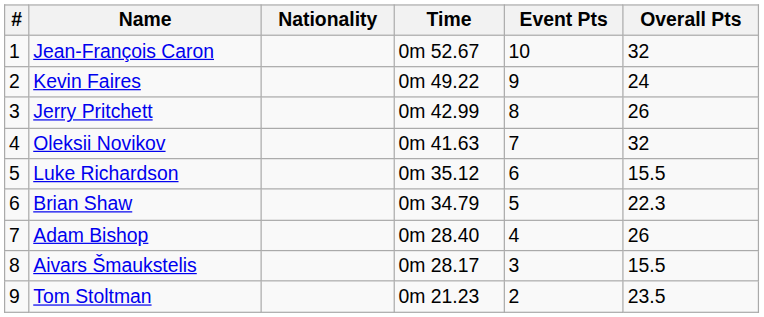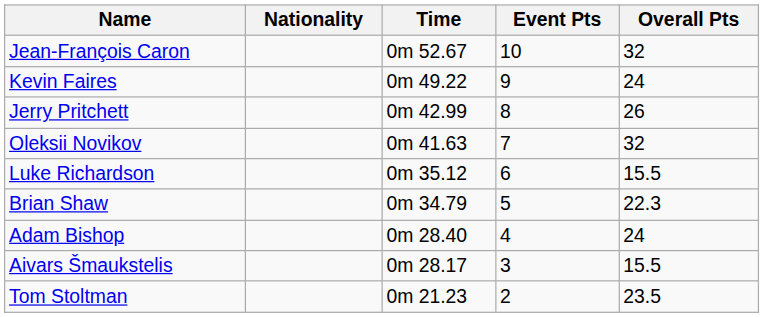 <table class="wikitable sortable" style="display: inline-table;width: 100%;">
 <tr>
-<th>#</th>
 <th>Name</th>
 <th>Nationality</th>
 <th>Time</th>
 <th>Event Pts</th>
 <th>Overall Pts</th>
 </tr>
 <tr>
-<td>1</td>
 <td><a href='#'>Jean-François Caron</a></td>
 <td></td>
 <td>0m 52.67</td>
 <td>10</td>
 <td>32</td>
 </tr>
 <tr>
-<td>2</td>
 <td><a href='#'>Kevin Faires</a></td>
 <td></td>
 <td>0m 49.22</td>
 <td>9</td>
 <td>24</td>
 </tr>
 <tr>
-<td>3</td>
 <td><a href='#'>Jerry Pritchett</a></td>
 <td></td>
 <td>0m 42.99</td>
 <td>8</td>
 <td>26</td>
 </tr>
 <tr>
-<td>4</td>
 <td><a href='#'>Oleksii Novikov</a></td>
 <td></td>
 <td>0m 41.63</td>
 <td>7</td>
 <td>32</td>
 </tr>
 <tr>
-<td>5</td>
 <td><a href='#'>Luke Richardson</a></td>
 <td></td>
 <td>0m 35.12</td>
 <td>6</td>
 <td>15.5</td>
 </tr>
 <tr>
-<td>6</td>
 <td><a href='#'>Brian Shaw</a></td>
 <td></td>
 <td>0m 34.79</td>
 <td>5</td>
 <td>22.3</td>
 </tr>
 <tr>
-<td>7</td>
 <td><a href='#'>Adam Bishop</a></td>
 <td></td>
 <td>0m 28.40</td>
 <td>4</td>
-<td>26</td>
+<td>24</td>
 </tr>
 <tr>
-<td>8</td>
 <td><a href='#'>Aivars Šmaukstelis</a></td>
 <td></td>
 <td>0m 28.17</td>
 <td>3</td>
 <td>15.5</td>
 </tr>
 <tr>
-<td>9</td>
 <td><a href='#'>Tom Stoltman</a></td>
 <td></td>
 <td>0m 21.23</td>
 <td>2</td>
 <td>23.5</td>
 </tr>
 </table>
